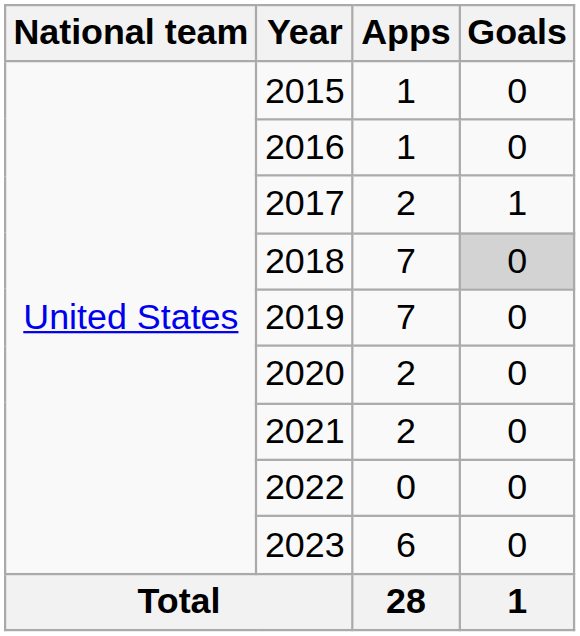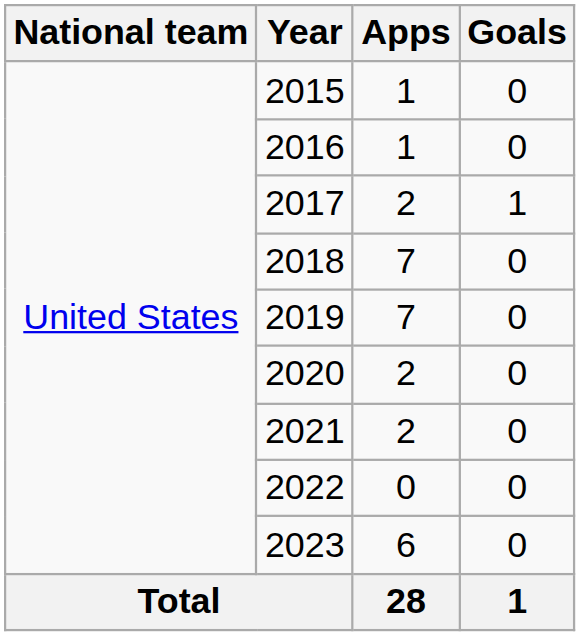 <table class="wikitable" style="text-align:center">
 <tr>
 <th>National team</th>
 <th>Year</th>
 <th>Apps</th>
 <th>Goals</th>
 </tr>
 <tr>
 <td rowspan="9"><a href='#'>United States</a></td>
 <td>2015</td>
 <td>1</td>
 <td>0</td>
 </tr>
 <tr>
 <td>2016</td>
 <td>1</td>
 <td>0</td>
 </tr>
 <tr>
 <td>2017</td>
 <td>2</td>
 <td>1</td>
 </tr>
 <tr>
 <td>2018</td>
 <td>7</td>
-<td style="background: lightgrey;">0</td>
+<td>0</td>
 </tr>
 <tr>
 <td>2019</td>
 <td>7</td>
 <td>0</td>
 </tr>
 <tr>
 <td>2020</td>
 <td>2</td>
 <td>0</td>
 </tr>
 <tr>
 <td>2021</td>
 <td>2</td>
 <td>0</td>
 </tr>
 <tr>
 <td>2022</td>
 <td>0</td>
 <td>0</td>
 </tr>
 <tr>
 <td>2023</td>
 <td>6</td>
 <td>0</td>
 </tr>
 <tr>
 <th colspan="2">Total</th>
 <th>28</th>
 <th>1</th>
 </tr>
 </table>
